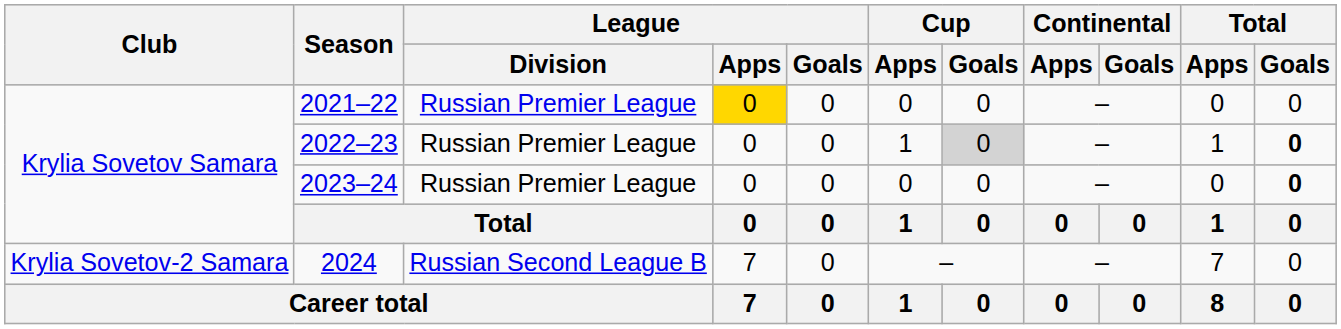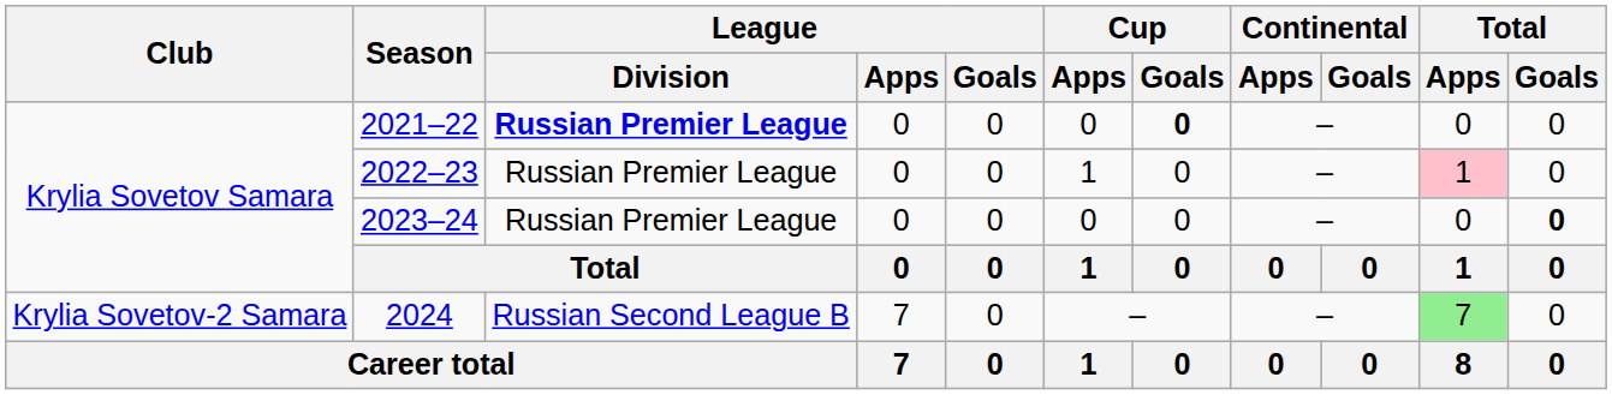 <table class="wikitable" style="text-align:center">
 <tr>
 <th rowspan="2">Club</th>
 <th rowspan="2">Season</th>
 <th colspan="3">League</th>
 <th colspan="2">Cup</th>
 <th colspan="2">Continental</th>
 <th colspan="2">Total</th>
 </tr>
 <tr>
 <th>Division</th>
 <th>Apps</th>
 <th>Goals</th>
 <th>Apps</th>
 <th>Goals</th>
 <th>Apps</th>
 <th>Goals</th>
 <th>Apps</th>
 <th>Goals</th>
 </tr>
 <tr>
 <td rowspan="4"><a href='#'>Krylia Sovetov Samara</a></td>
 <td><a href='#'>2021–22</a></td>
-<td><a href='#'>Russian Premier League</a></td>
-<td style="background: gold;">0</td>
+<td><strong><a href='#'>Russian Premier League</a></strong></td>
 <td>0</td>
 <td>0</td>
 <td>0</td>
+<td><strong>0</strong></td>
 <td colspan="2">–</td>
 <td>0</td>
 <td>0</td>
 </tr>
 <tr>
 <td><a href='#'>2022–23</a></td>
 <td>Russian Premier League</td>
 <td>0</td>
 <td>0</td>
 <td>1</td>
-<td style="background: lightgrey;">0</td>
+<td>0</td>
 <td colspan="2">–</td>
-<td>1</td>
-<td><strong>0</strong></td>
+<td style="background: pink;">1</td>
+<td>0</td>
 </tr>
 <tr>
 <td><a href='#'>2023–24</a></td>
 <td>Russian Premier League</td>
 <td>0</td>
 <td>0</td>
 <td>0</td>
 <td>0</td>
 <td colspan="2">–</td>
 <td>0</td>
 <td><strong>0</strong></td>
 </tr>
 <tr>
 <th colspan="2">Total</th>
 <th>0</th>
 <th>0</th>
 <th>1</th>
 <th>0</th>
 <th>0</th>
 <th>0</th>
 <th>1</th>
 <th>0</th>
 </tr>
 <tr>
 <td><a href='#'>Krylia Sovetov-2 Samara</a></td>
 <td><a href='#'>2024</a></td>
 <td><a href='#'>Russian Second League B</a></td>
 <td>7</td>
 <td>0</td>
 <td colspan="2">–</td>
 <td colspan="2">–</td>
-<td>7</td>
+<td style="background: lightgreen;">7</td>
 <td>0</td>
 </tr>
 <tr>
 <th colspan="3">Career total</th>
 <th>7</th>
 <th>0</th>
 <th>1</th>
 <th>0</th>
 <th>0</th>
 <th>0</th>
 <th>8</th>
 <th>0</th>
 </tr>
 </table>
